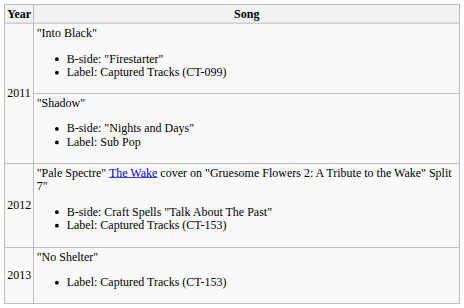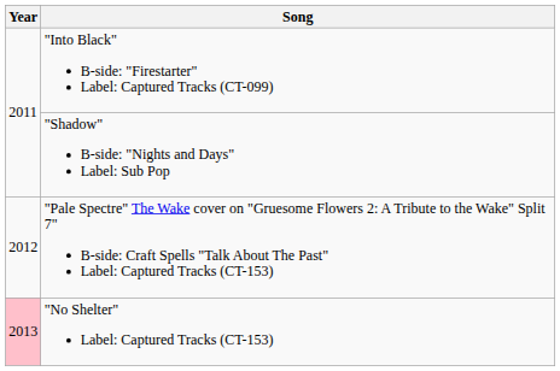 <table class="wikitable">
 <tr>
 <th>Year</th>
 <th>Song</th>
 </tr>
 <tr>
 <td rowspan="2">2011</td>
 <td>"Into Black"<br><ul><li>B-side: "Firestarter"</li><li>Label: Captured Tracks (CT-099)</li></ul></td>
 </tr>
 <tr>
 <td>"Shadow"<br><ul><li>B-side: "Nights and Days"</li><li>Label: Sub Pop</li></ul></td>
 </tr>
 <tr>
 <td>2012</td>
 <td>"Pale Spectre" <a href='#'>The Wake</a> cover on "Gruesome Flowers 2: A Tribute to the Wake" Split 7"<br><ul><li>B-side: Craft Spells "Talk About The Past"</li><li>Label: Captured Tracks (CT-153)</li></ul></td>
 </tr>
 <tr>
-<td>2013</td>
+<td style="background: pink;">2013</td>
 <td>"No Shelter"<br><ul><li>Label: Captured Tracks (CT-153)</li></ul></td>
 </tr>
 </table>
